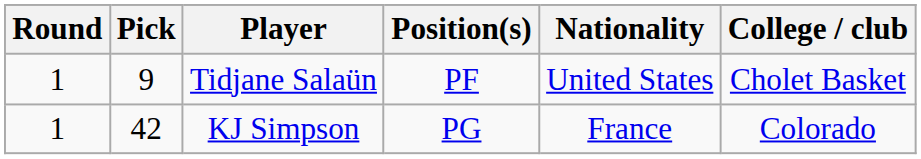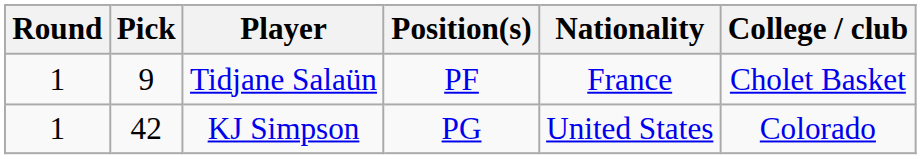 <table class="wikitable sortable sortable">
 <tr>
 <th>Round</th>
 <th>Pick</th>
 <th>Player</th>
 <th>Position(s)</th>
 <th>Nationality</th>
 <th>College / club</th>
 </tr>
 <tr style="text-align:center">
 <td>1</td>
 <td>9</td>
 <td><a href='#'>Tidjane Salaün</a></td>
 <td><a href='#'>PF</a></td>
-<td> <a href='#'>United States</a></td>
+<td> <a href='#'>France</a></td>
 <td><a href='#'>Cholet Basket</a></td>
 </tr>
 <tr style="text-align:center">
 <td>1</td>
 <td>42</td>
 <td><a href='#'>KJ Simpson</a></td>
 <td><a href='#'>PG</a></td>
-<td> <a href='#'>France</a></td>
+<td> <a href='#'>United States</a></td>
 <td><a href='#'>Colorado</a></td>
 </tr>
 </table>
